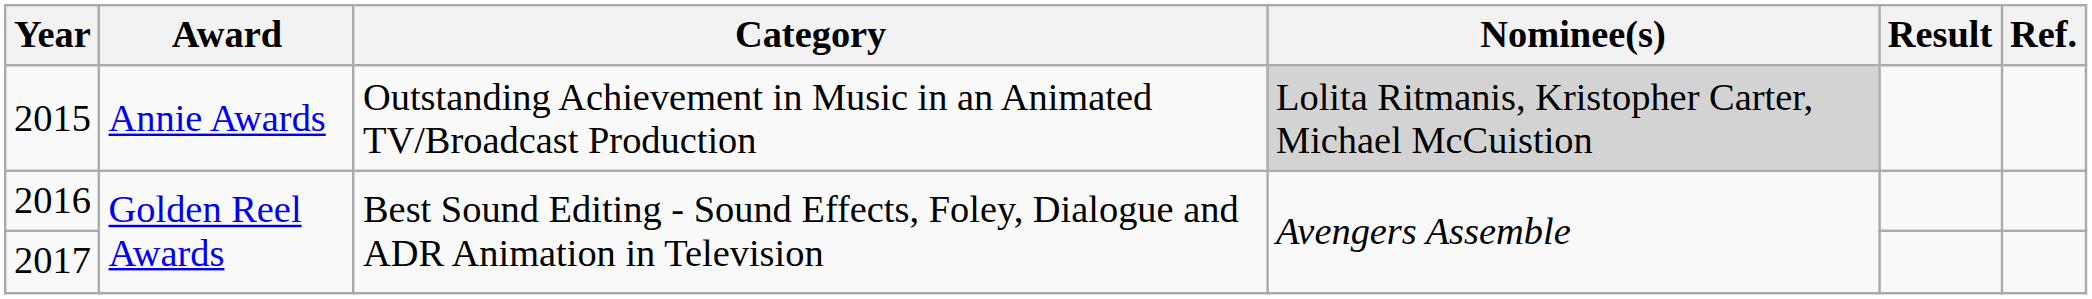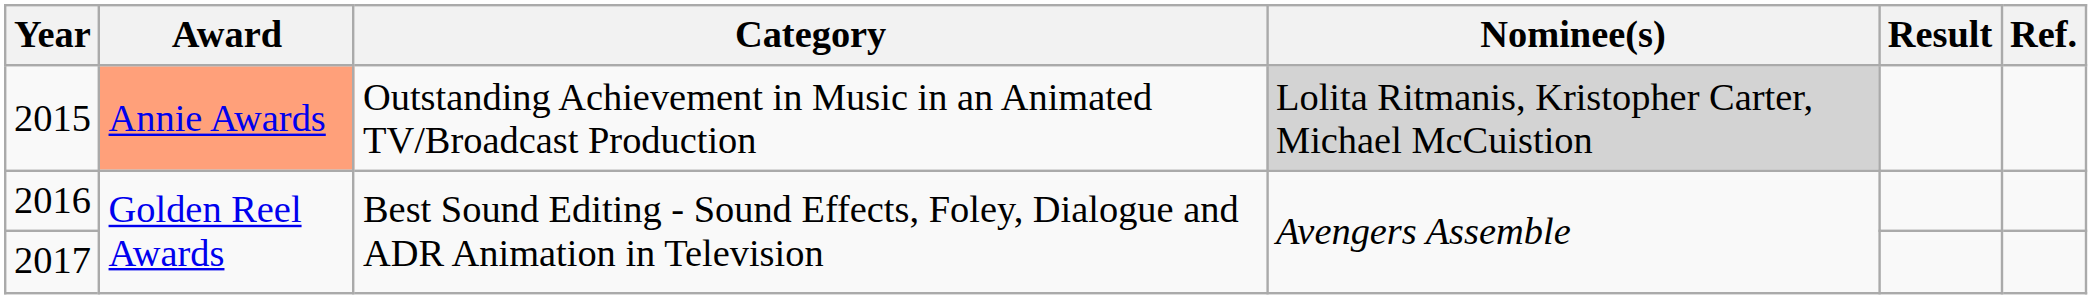 <table class="wikitable">
 <tr>
 <th>Year</th>
 <th>Award</th>
 <th>Category</th>
 <th>Nominee(s)</th>
 <th>Result</th>
 <th>Ref.</th>
 </tr>
 <tr>
 <td>2015</td>
-<td><a href='#'>Annie Awards</a></td>
+<td style="background: lightsalmon;"><a href='#'>Annie Awards</a></td>
 <td>Outstanding Achievement in Music in an Animated TV/Broadcast Production</td>
 <td style="background: lightgrey;">Lolita Ritmanis, Kristopher Carter, Michael McCuistion</td>
 <td></td>
 <td style="text-align:center;"></td>
 </tr>
 <tr>
 <td>2016</td>
 <td rowspan="2"><a href='#'>Golden Reel Awards</a></td>
 <td rowspan="2">Best Sound Editing - Sound Effects, Foley, Dialogue and ADR Animation in Television</td>
 <td rowspan="2"><em>Avengers Assemble</em></td>
 <td></td>
 <td style="text-align:center;"></td>
 </tr>
 <tr>
 <td>2017</td>
 <td></td>
 <td style="text-align:center;"></td>
 </tr>
 </table>
